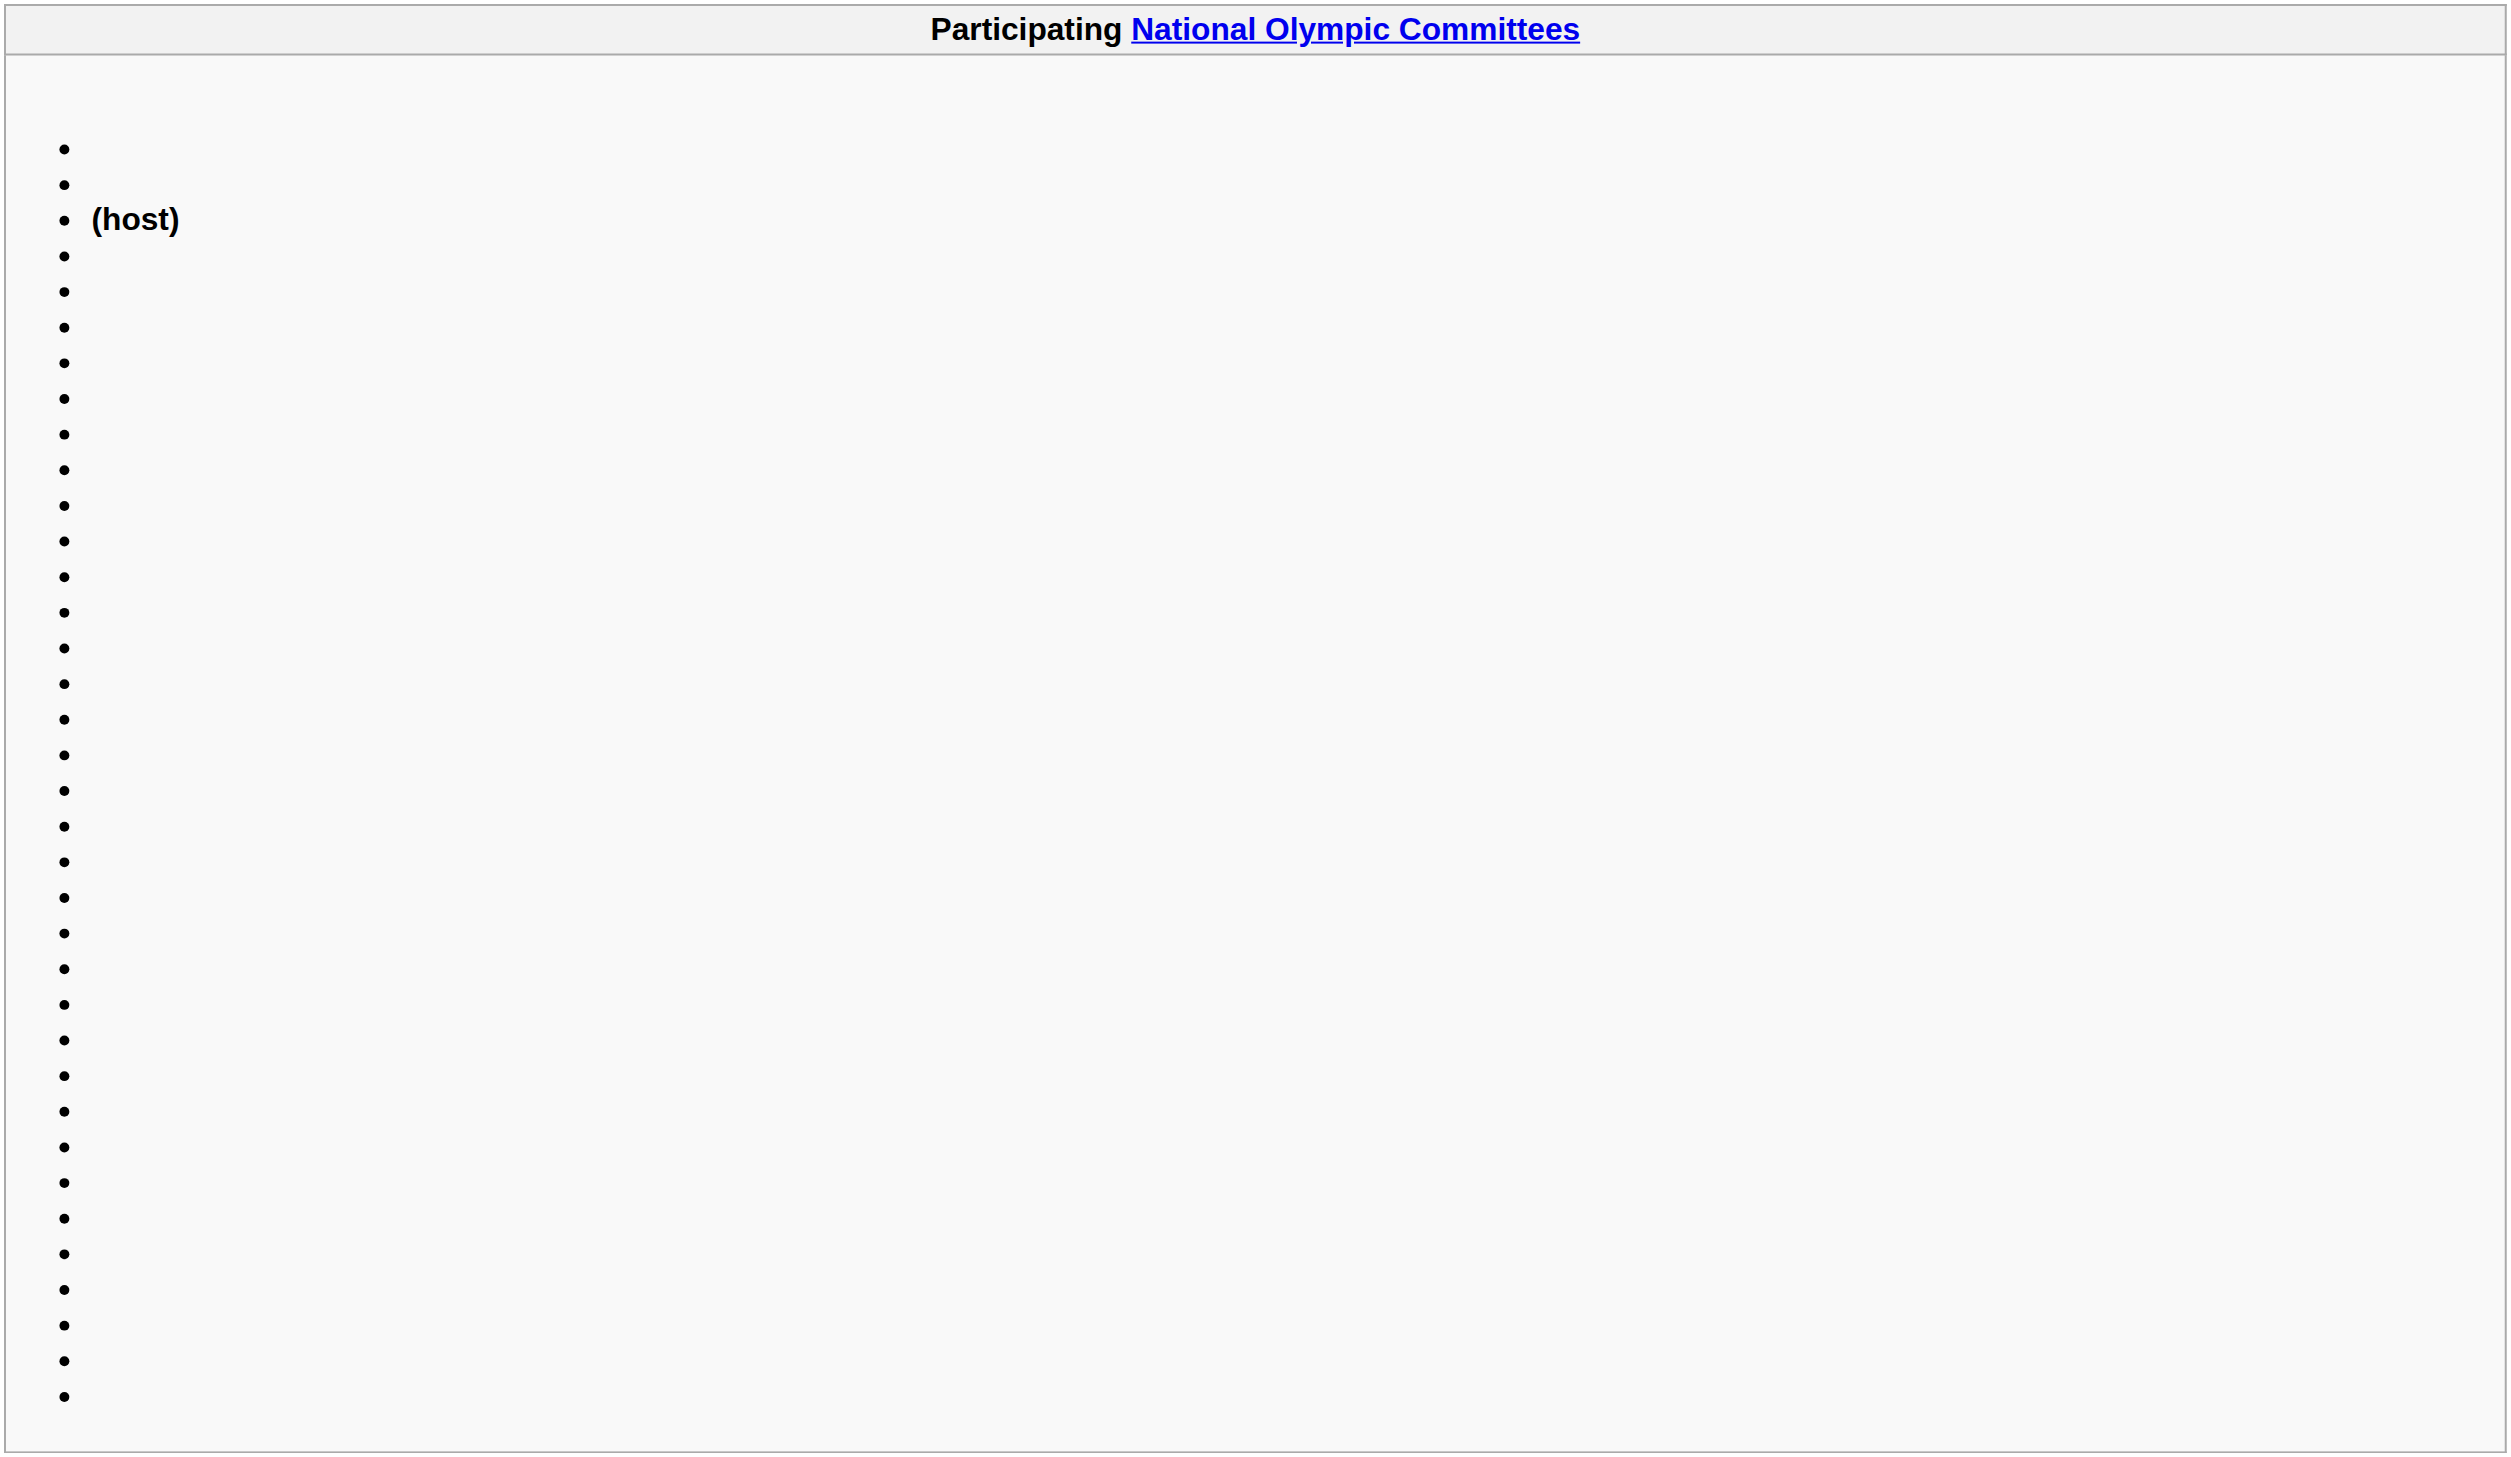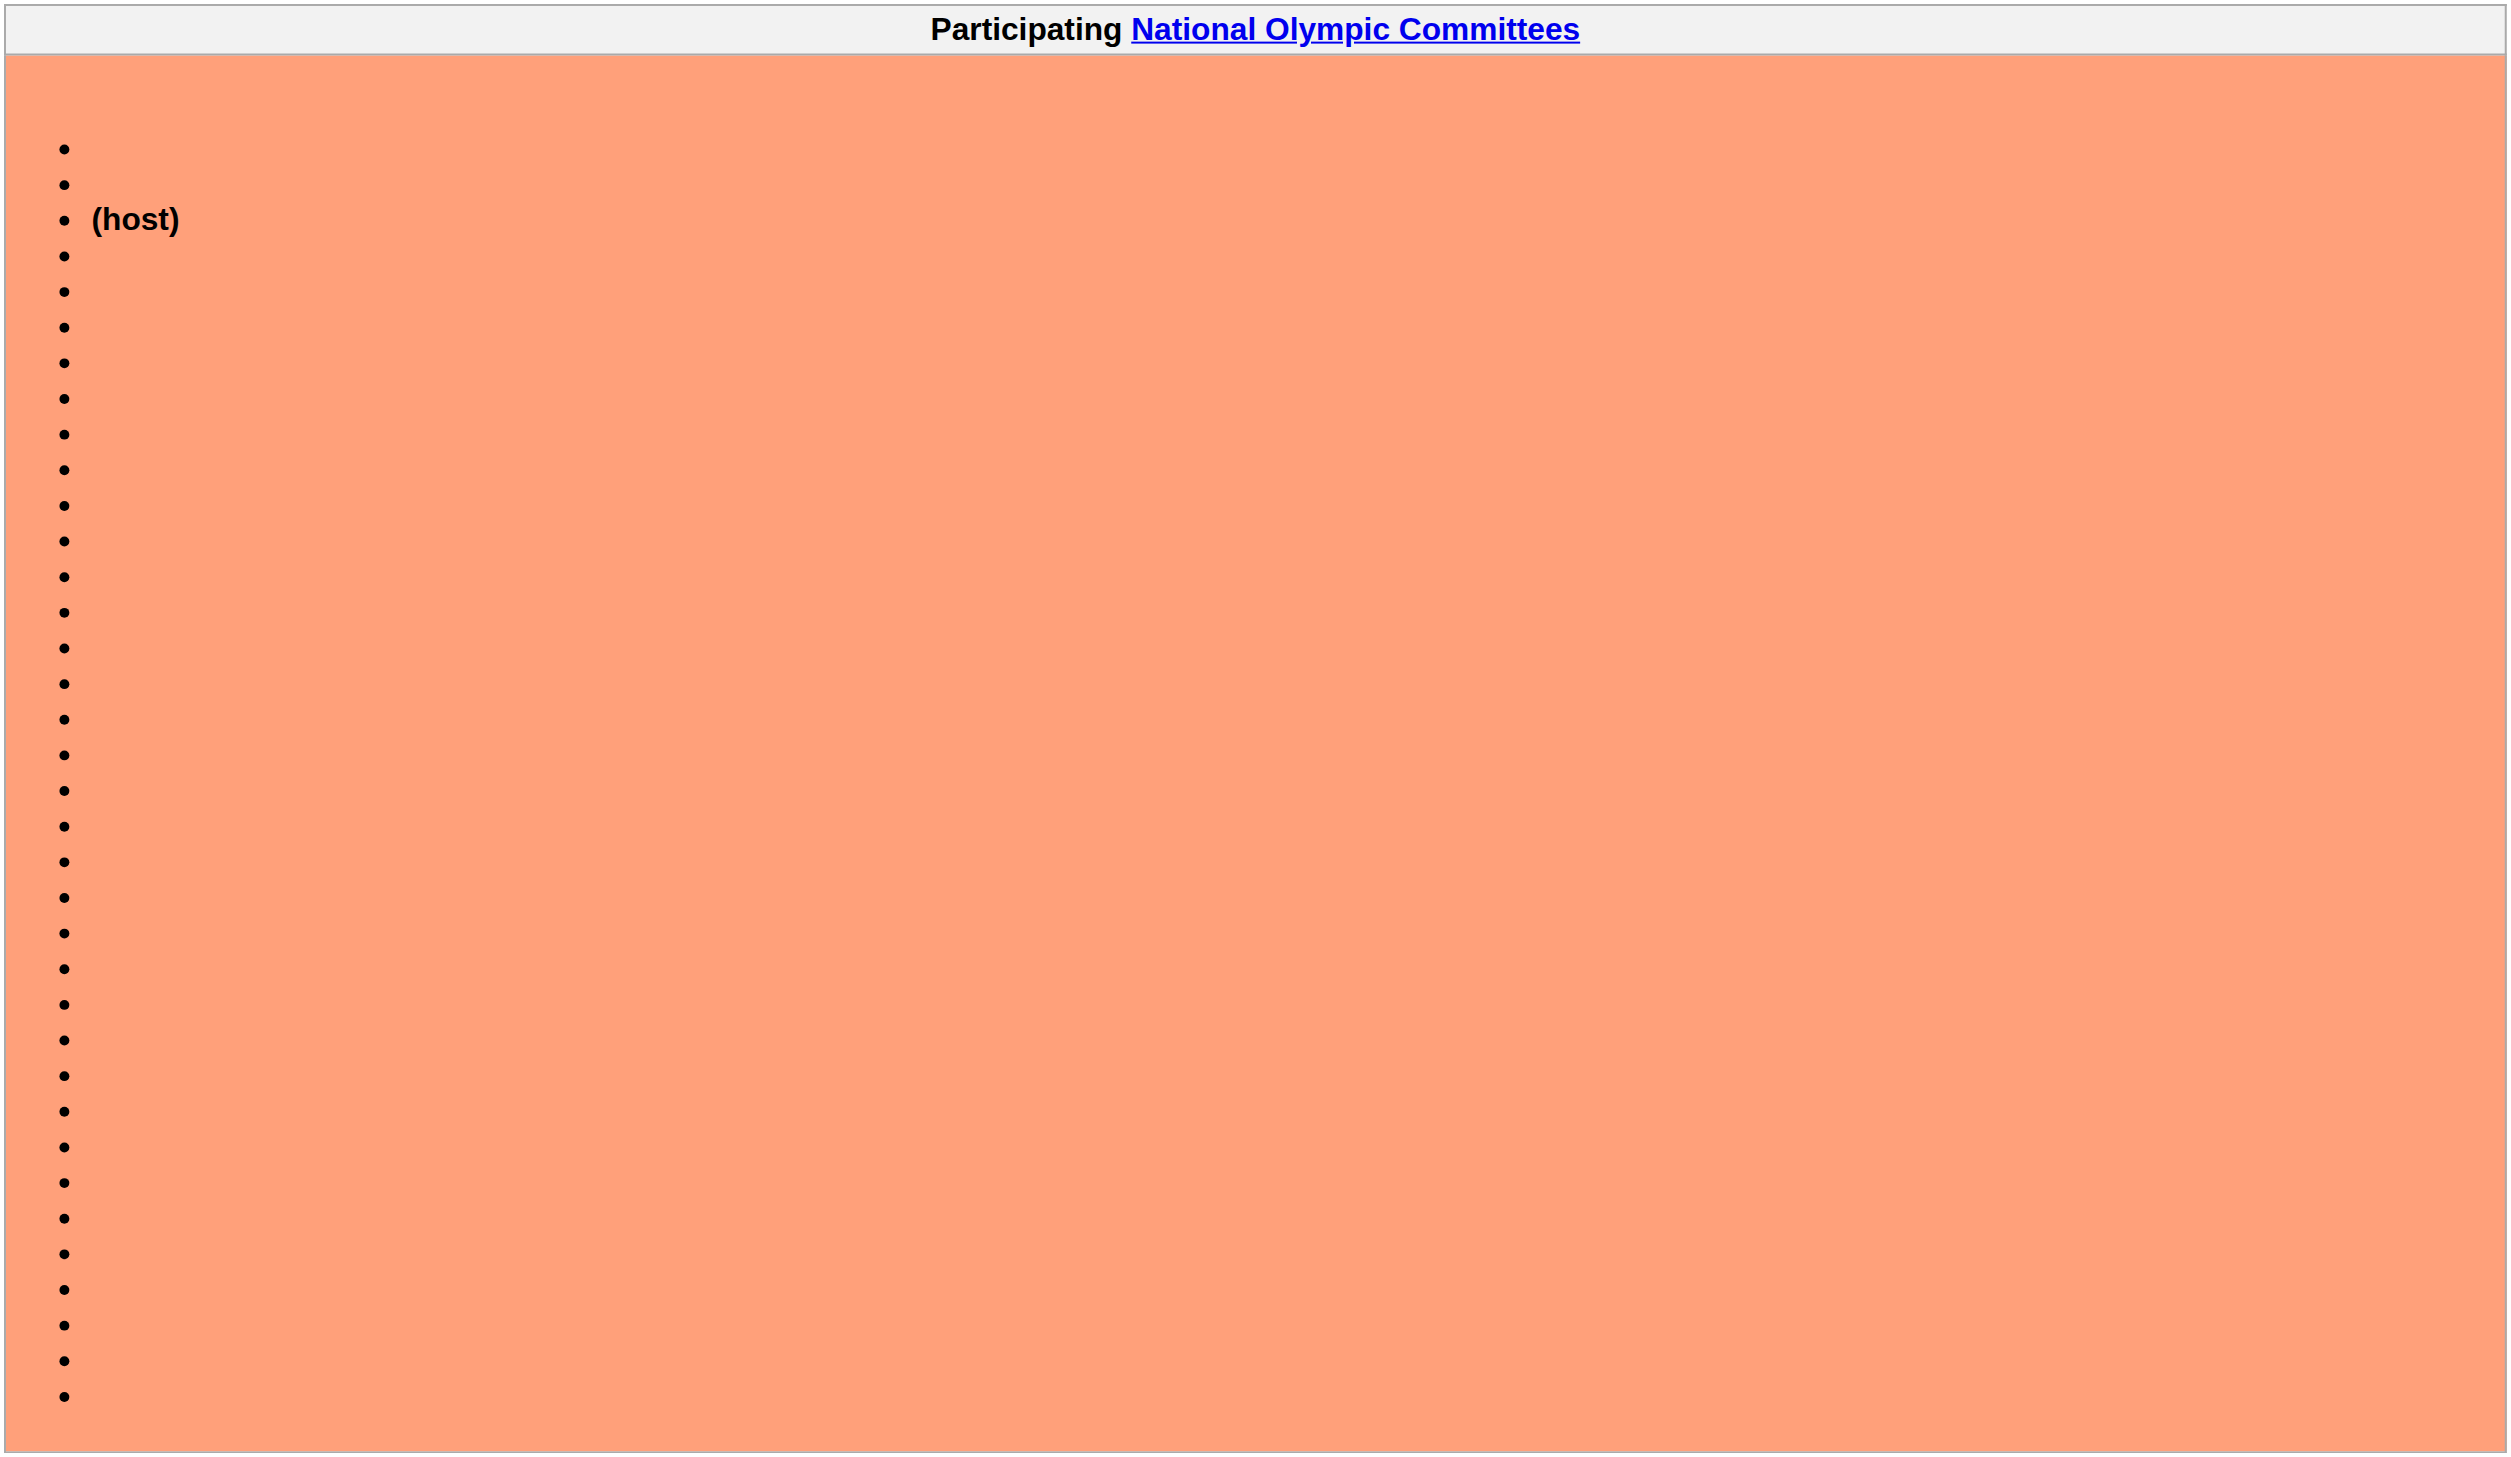 <table class="wikitable collapsible" style="width:100%;">
 <tr>
 <th>Participating <a href='#'>National Olympic Committees</a></th>
 </tr>
 <tr>
-<td><br><ul><li></li><li></li><li> <strong>(host)</strong></li><li></li><li></li><li></li><li></li><li></li><li></li><li></li><li></li><li></li><li></li><li></li><li></li><li></li><li></li><li></li><li></li><li></li><li></li><li></li><li></li><li></li><li></li><li></li><li></li><li></li><li></li><li></li><li></li><li></li><li></li><li></li><li></li><li></li></ul></td>
+<td style="background: lightsalmon;"><br><ul><li></li><li></li><li> <strong>(host)</strong></li><li></li><li></li><li></li><li></li><li></li><li></li><li></li><li></li><li></li><li></li><li></li><li></li><li></li><li></li><li></li><li></li><li></li><li></li><li></li><li></li><li></li><li></li><li></li><li></li><li></li><li></li><li></li><li></li><li></li><li></li><li></li><li></li><li></li></ul></td>
 </tr>
 </table>
